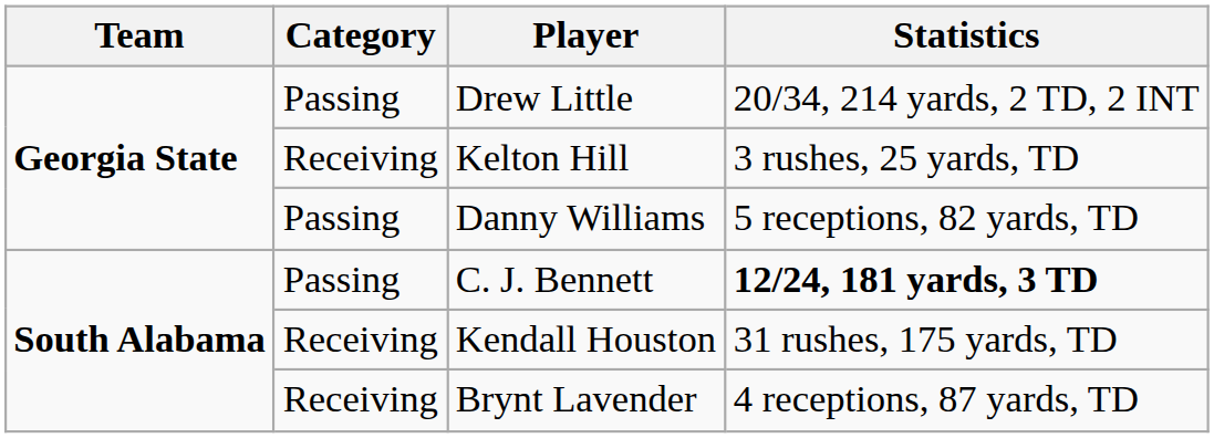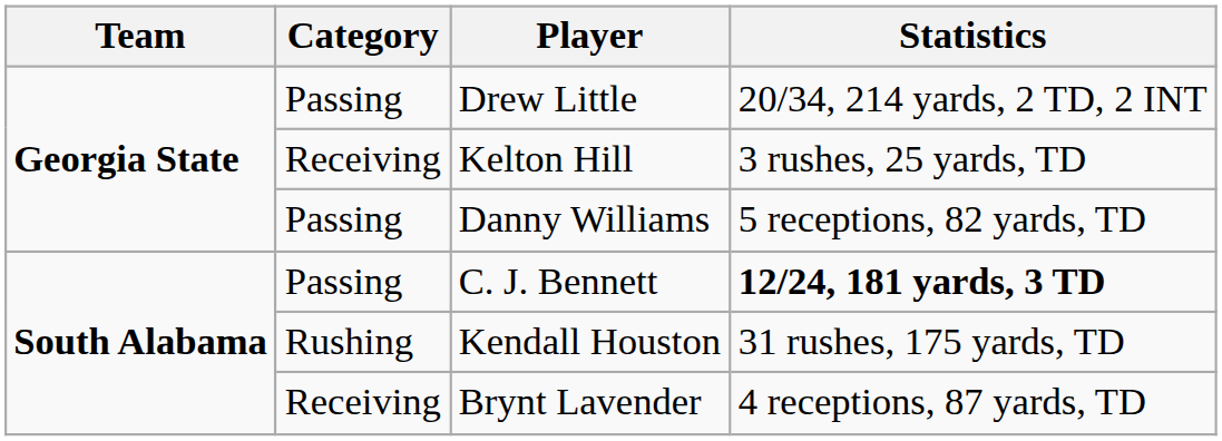 <table class="wikitable" style="float: right;">
 <tr>
 <th>Team</th>
 <th>Category</th>
 <th>Player</th>
 <th>Statistics</th>
 </tr>
 <tr>
 <td rowspan=3><strong>Georgia State</strong></td>
 <td>Passing</td>
 <td>Drew Little</td>
 <td>20/34, 214 yards, 2 TD, 2 INT</td>
 </tr>
 <tr>
 <td>Receiving</td>
 <td>Kelton Hill</td>
 <td>3 rushes, 25 yards, TD</td>
 </tr>
 <tr>
 <td>Passing</td>
 <td>Danny Williams</td>
 <td>5 receptions, 82 yards, TD</td>
 </tr>
 <tr>
 <td rowspan=3><strong>South Alabama</strong></td>
 <td>Passing</td>
 <td>C. J. Bennett</td>
 <td><strong>12/24, 181 yards, 3 TD</strong></td>
 </tr>
 <tr>
-<td>Receiving</td>
+<td>Rushing</td>
 <td>Kendall Houston</td>
 <td>31 rushes, 175 yards, TD</td>
 </tr>
 <tr>
 <td>Receiving</td>
 <td>Brynt Lavender</td>
 <td>4 receptions, 87 yards, TD</td>
 </tr>
 </table>
